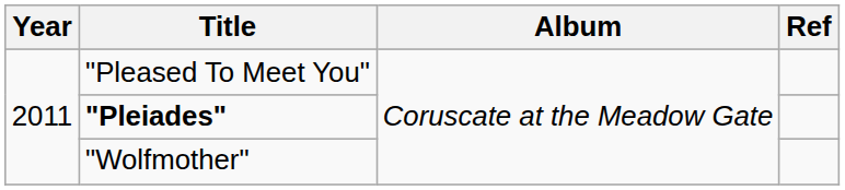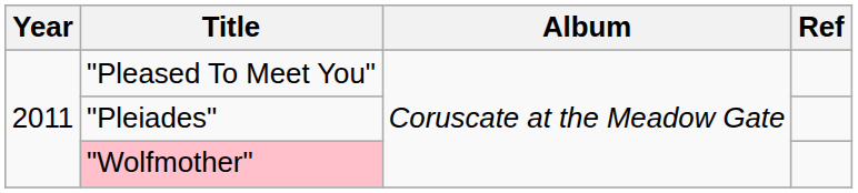 <table class="wikitable">
 <tr>
 <th>Year</th>
 <th>Title</th>
 <th>Album</th>
 <th>Ref</th>
 </tr>
 <tr>
 <td rowspan="3">2011</td>
 <td>"Pleased To Meet You"</td>
 <td rowspan="3"><em>Coruscate at the Meadow Gate</em></td>
 <td></td>
 </tr>
 <tr>
-<td><strong>"Pleiades"</strong></td>
+<td>"Pleiades"</td>
 <td></td>
 </tr>
 <tr>
-<td>"Wolfmother"</td>
+<td style="background: pink;">"Wolfmother"</td>
 <td></td>
 </tr>
 </table>
